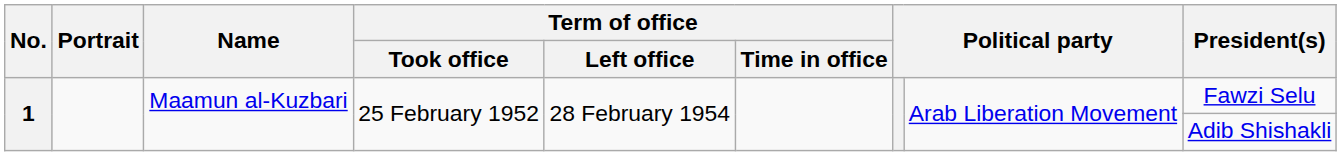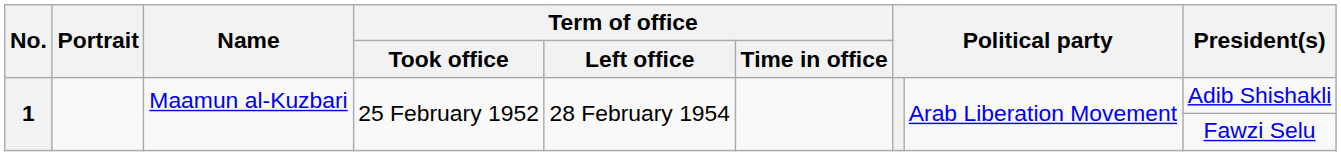 <table class="wikitable" style="text-align:center">
 <tr>
 <th rowspan="2">No.</th>
 <th rowspan="2">Portrait</th>
 <th rowspan="2">Name<br></th>
 <th colspan="3">Term of office</th>
 <th colspan="2" rowspan="2">Political party</th>
 <th rowspan="2">President(s)</th>
 </tr>
 <tr>
 <th>Took office</th>
 <th>Left office</th>
 <th>Time in office</th>
 </tr>
 <tr>
 <th rowspan="2">1</th>
 <td rowspan="2"></td>
 <td rowspan="2"><a href='#'>Maamun al-Kuzbari</a><br><br></td>
 <td rowspan="2">25 February 1952</td>
 <td rowspan="2">28 February 1954</td>
 <td rowspan="2"></td>
 <th rowspan="2" style="background:"></th>
 <td rowspan="2"><a href='#'>Arab Liberation Movement</a></td>
+<td><a href='#'>Adib Shishakli</a></td>
+</tr>
+<tr>
 <td><a href='#'>Fawzi Selu</a></td>
 </tr>
-<tr>
-<td><a href='#'>Adib Shishakli</a></td>
-</tr>
 </table>
